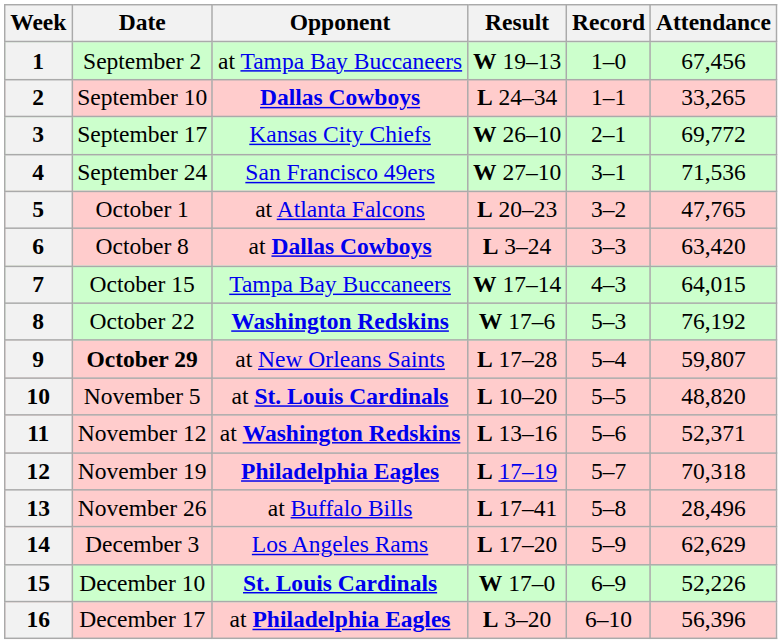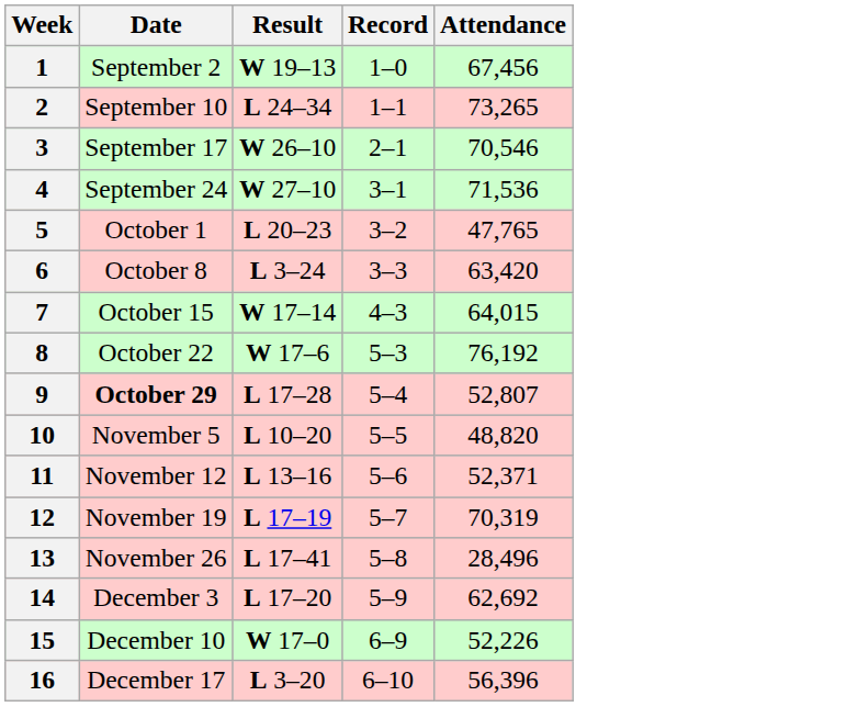 <table class="wikitable" style="text-align:center">
 <tr>
 <th>Week</th>
 <th>Date</th>
-<th>Opponent</th>
 <th>Result</th>
 <th>Record</th>
 <th>Attendance</th>
 </tr>
 <tr style="background: #cfc">
 <th>1</th>
 <td>September 2</td>
-<td>at <a href='#'>Tampa Bay Buccaneers</a></td>
 <td><strong>W</strong> 19–13</td>
 <td>1–0</td>
 <td>67,456</td>
 </tr>
 <tr style="background: #fcc">
 <th>2</th>
 <td>September 10</td>
-<td><strong><a href='#'>Dallas Cowboys</a></strong></td>
 <td><strong>L</strong> 24–34</td>
 <td>1–1</td>
-<td>33,265</td>
+<td>73,265</td>
 </tr>
 <tr style="background: #cfc">
 <th>3</th>
 <td>September 17</td>
-<td><a href='#'>Kansas City Chiefs</a></td>
 <td><strong>W</strong> 26–10</td>
 <td>2–1</td>
-<td>69,772</td>
+<td>70,546</td>
 </tr>
 <tr style="background: #cfc">
 <th>4</th>
 <td>September 24</td>
-<td><a href='#'>San Francisco 49ers</a></td>
 <td><strong>W</strong> 27–10</td>
 <td>3–1</td>
 <td>71,536</td>
 </tr>
 <tr style="background: #fcc">
 <th>5</th>
 <td>October 1</td>
-<td>at <a href='#'>Atlanta Falcons</a></td>
 <td><strong>L</strong> 20–23</td>
 <td>3–2</td>
 <td>47,765</td>
 </tr>
 <tr style="background: #fcc">
 <th>6</th>
 <td>October 8</td>
-<td>at <strong><a href='#'>Dallas Cowboys</a></strong></td>
 <td><strong>L</strong> 3–24</td>
 <td>3–3</td>
 <td>63,420</td>
 </tr>
 <tr style="background: #cfc">
 <th>7</th>
 <td>October 15</td>
-<td><a href='#'>Tampa Bay Buccaneers</a></td>
 <td><strong>W</strong> 17–14</td>
 <td>4–3</td>
 <td>64,015</td>
 </tr>
 <tr style="background: #cfc">
 <th>8</th>
 <td>October 22</td>
-<td><strong><a href='#'>Washington Redskins</a></strong></td>
 <td><strong>W</strong> 17–6</td>
 <td>5–3</td>
 <td>76,192</td>
 </tr>
 <tr style="background: #fcc">
 <th>9</th>
 <td><strong>October 29</strong></td>
-<td>at <a href='#'>New Orleans Saints</a></td>
 <td><strong>L</strong> 17–28</td>
 <td>5–4</td>
-<td>59,807</td>
+<td>52,807</td>
 </tr>
 <tr style="background: #fcc">
 <th>10</th>
 <td>November 5</td>
-<td>at <strong><a href='#'>St. Louis Cardinals</a></strong></td>
 <td><strong>L</strong> 10–20</td>
 <td>5–5</td>
 <td>48,820</td>
 </tr>
 <tr style="background: #fcc">
 <th>11</th>
 <td>November 12</td>
-<td>at <strong><a href='#'>Washington Redskins</a></strong></td>
 <td><strong>L</strong> 13–16</td>
 <td>5–6</td>
 <td>52,371</td>
 </tr>
 <tr style="background: #fcc">
 <th>12</th>
 <td>November 19</td>
-<td><strong><a href='#'>Philadelphia Eagles</a></strong></td>
 <td><strong>L</strong> <a href='#'>17–19</a></td>
 <td>5–7</td>
-<td>70,318</td>
+<td>70,319</td>
 </tr>
 <tr style="background: #fcc">
 <th>13</th>
 <td>November 26</td>
-<td>at <a href='#'>Buffalo Bills</a></td>
 <td><strong>L</strong> 17–41</td>
 <td>5–8</td>
 <td>28,496</td>
 </tr>
 <tr style="background: #fcc">
 <th>14</th>
 <td>December 3</td>
-<td><a href='#'>Los Angeles Rams</a></td>
 <td><strong>L</strong> 17–20</td>
 <td>5–9</td>
-<td>62,629</td>
+<td>62,692</td>
 </tr>
 <tr style="background: #cfc">
 <th>15</th>
 <td>December 10</td>
-<td><strong><a href='#'>St. Louis Cardinals</a></strong></td>
 <td><strong>W</strong> 17–0</td>
 <td>6–9</td>
 <td>52,226</td>
 </tr>
 <tr style="background: #fcc">
 <th>16</th>
 <td>December 17</td>
-<td>at <strong><a href='#'>Philadelphia Eagles</a></strong></td>
 <td><strong>L</strong> 3–20</td>
 <td>6–10</td>
 <td>56,396</td>
 </tr>
 </table>
